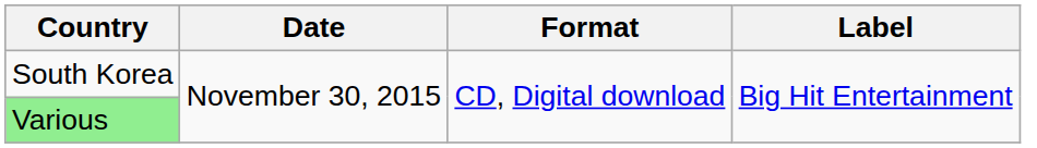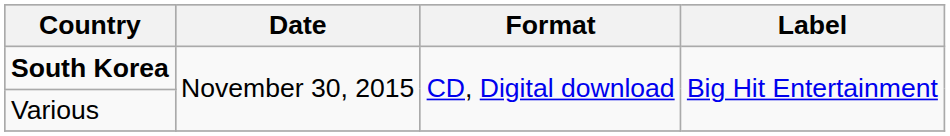 <table class="wikitable">
 <tr>
 <th>Country</th>
 <th>Date</th>
 <th>Format</th>
 <th>Label</th>
 </tr>
 <tr>
-<td>South Korea</td>
+<td><strong>South Korea</strong></td>
 <td rowspan="2">November 30, 2015</td>
 <td rowspan="2"><a href='#'>CD</a>, <a href='#'>Digital download</a></td>
 <td rowspan="2"><a href='#'>Big Hit Entertainment</a></td>
 </tr>
 <tr>
-<td style="background: lightgreen;">Various</td>
+<td>Various</td>
 </tr>
 </table>
